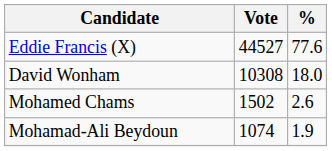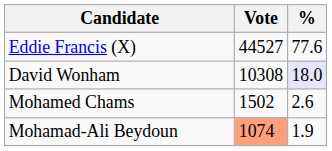 <table class="wikitable">
 <tr>
 <th bgcolor="#DDDDFF" width="200px">Candidate</th>
 <th bgcolor="#DDDDFF">Vote</th>
 <th bgcolor="#DDDDFF">%</th>
 </tr>
 <tr>
 <td><a href='#'>Eddie Francis</a> (X)</td>
 <td>44527</td>
 <td>77.6</td>
 </tr>
 <tr>
 <td>David Wonham</td>
 <td>10308</td>
-<td>18.0</td>
+<td style="background: lavender;">18.0</td>
 </tr>
 <tr>
 <td>Mohamed Chams</td>
 <td>1502</td>
 <td>2.6</td>
 </tr>
 <tr>
 <td>Mohamad-Ali Beydoun</td>
-<td>1074</td>
+<td style="background: lightsalmon;">1074</td>
 <td>1.9</td>
 </tr>
 <tr>
 </tr>
 </table>
